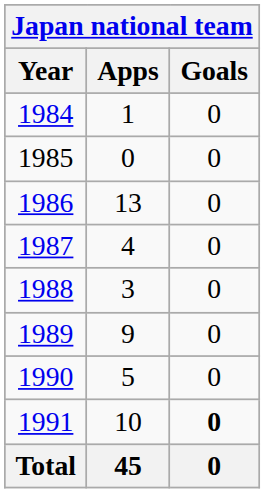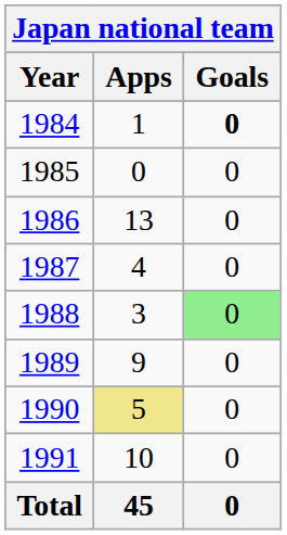 <table class="wikitable" style="text-align:center">
 <tr>
 <th colspan=3><a href='#'>Japan national team</a></th>
 </tr>
 <tr>
 <th>Year</th>
 <th>Apps</th>
 <th>Goals</th>
 </tr>
 <tr>
 <td><a href='#'>1984</a></td>
 <td>1</td>
-<td>0</td>
+<td><strong>0</strong></td>
 </tr>
 <tr>
 <td>1985</td>
 <td>0</td>
 <td>0</td>
 </tr>
 <tr>
 <td><a href='#'>1986</a></td>
 <td>13</td>
 <td>0</td>
 </tr>
 <tr>
 <td><a href='#'>1987</a></td>
 <td>4</td>
 <td>0</td>
 </tr>
 <tr>
 <td><a href='#'>1988</a></td>
 <td>3</td>
-<td>0</td>
+<td style="background: lightgreen;">0</td>
 </tr>
 <tr>
 <td><a href='#'>1989</a></td>
 <td>9</td>
 <td>0</td>
 </tr>
 <tr>
 <td><a href='#'>1990</a></td>
-<td>5</td>
+<td style="background: khaki;">5</td>
 <td>0</td>
 </tr>
 <tr>
 <td><a href='#'>1991</a></td>
 <td>10</td>
-<td><strong>0</strong></td>
+<td>0</td>
 </tr>
 <tr>
 <th>Total</th>
 <th>45</th>
 <th>0</th>
 </tr>
 </table>
